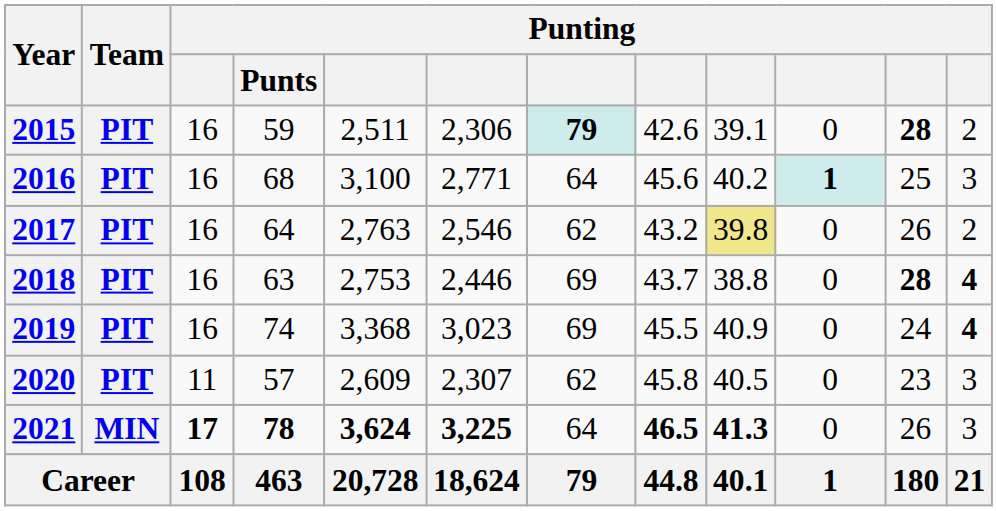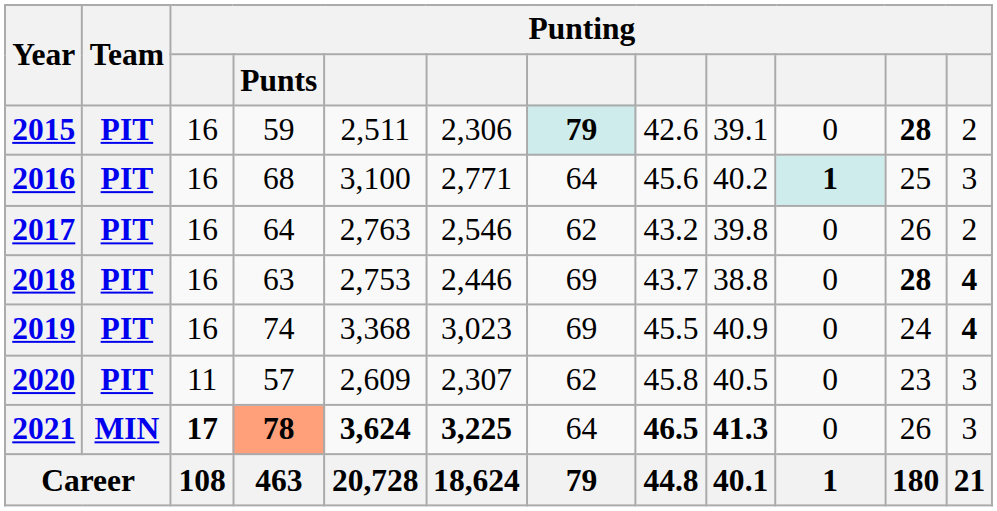 <table class=wikitable style="text-align:center;">
 <tr>
 <th rowspan="2">Year</th>
 <th rowspan="2">Team</th>
 <th colspan="10">Punting</th>
 </tr>
 <tr>
 <th></th>
 <th>Punts</th>
 <th></th>
 <th></th>
 <th></th>
 <th></th>
 <th></th>
 <th></th>
 <th></th>
 <th></th>
 </tr>
 <tr>
 <th><a href='#'>2015</a></th>
 <th><a href='#'>PIT</a></th>
 <td>16</td>
 <td>59</td>
 <td>2,511</td>
 <td>2,306</td>
 <td style="background:#cfecec; width:3em;"><strong>79</strong></td>
 <td>42.6</td>
 <td>39.1</td>
 <td>0</td>
 <td><strong>28</strong></td>
 <td>2</td>
 </tr>
 <tr>
 <th><a href='#'>2016</a></th>
 <th><a href='#'>PIT</a></th>
 <td>16</td>
 <td>68</td>
 <td>3,100</td>
 <td>2,771</td>
 <td>64</td>
 <td>45.6</td>
 <td>40.2</td>
 <td style="background:#cfecec; width:3em;"><strong>1</strong></td>
 <td>25</td>
 <td>3</td>
 </tr>
 <tr>
 <th><a href='#'>2017</a></th>
 <th><a href='#'>PIT</a></th>
 <td>16</td>
 <td>64</td>
 <td>2,763</td>
 <td>2,546</td>
 <td>62</td>
 <td>43.2</td>
-<td style="background: khaki;">39.8</td>
+<td>39.8</td>
 <td>0</td>
 <td>26</td>
 <td>2</td>
 </tr>
 <tr>
 <th><a href='#'>2018</a></th>
 <th><a href='#'>PIT</a></th>
 <td>16</td>
 <td>63</td>
 <td>2,753</td>
 <td>2,446</td>
 <td>69</td>
 <td>43.7</td>
 <td>38.8</td>
 <td>0</td>
 <td><strong>28</strong></td>
 <td><strong>4</strong></td>
 </tr>
 <tr>
 <th><a href='#'>2019</a></th>
 <th><a href='#'>PIT</a></th>
 <td>16</td>
 <td>74</td>
 <td>3,368</td>
 <td>3,023</td>
 <td>69</td>
 <td>45.5</td>
 <td>40.9</td>
 <td>0</td>
 <td>24</td>
 <td><strong>4</strong></td>
 </tr>
 <tr>
 <th><a href='#'>2020</a></th>
 <th><a href='#'>PIT</a></th>
 <td>11</td>
 <td>57</td>
 <td>2,609</td>
 <td>2,307</td>
 <td>62</td>
 <td>45.8</td>
 <td>40.5</td>
 <td>0</td>
 <td>23</td>
 <td>3</td>
 </tr>
 <tr>
 <th><a href='#'>2021</a></th>
 <th><a href='#'>MIN</a></th>
 <td><strong>17</strong></td>
-<td><strong>78</strong></td>
+<td style="background: lightsalmon;"><strong>78</strong></td>
 <td><strong>3,624</strong></td>
 <td><strong>3,225</strong></td>
 <td>64</td>
 <td><strong>46.5</strong></td>
 <td><strong>41.3</strong></td>
 <td>0</td>
 <td>26</td>
 <td>3</td>
 </tr>
 <tr>
 <th colspan="2">Career</th>
 <th>108</th>
 <th>463</th>
 <th>20,728</th>
 <th>18,624</th>
 <th>79</th>
 <th>44.8</th>
 <th>40.1</th>
 <th>1</th>
 <th>180</th>
 <th>21</th>
 </tr>
 </table>
